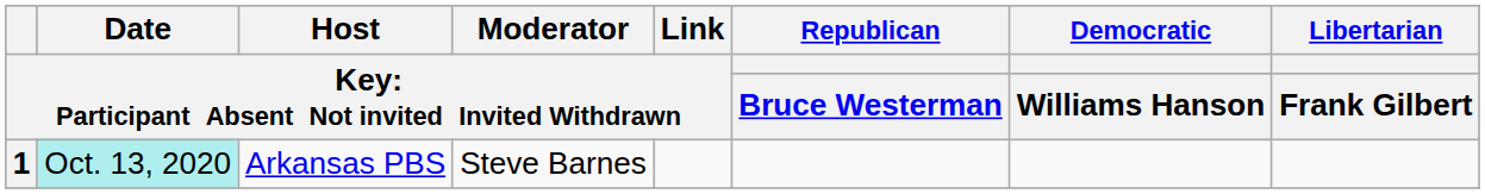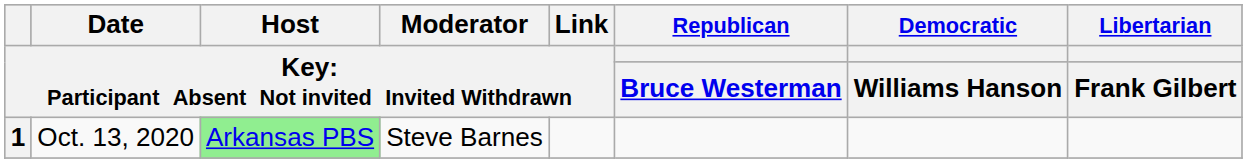 <table class="wikitable" style="text-align:center;">
 <tr>
 <th scope="col"></th>
 <th scope="col">Date</th>
 <th scope="col">Host</th>
 <th scope="col">Moderator</th>
 <th scope="col">Link</th>
 <th scope="col"><small><a href='#'>Republican</a></small></th>
 <th scope="col"><small><a href='#'>Democratic</a></small></th>
 <th scope="col"><small><a href='#'>Libertarian</a></small></th>
 </tr>
 <tr>
 <th colspan="5" rowspan="2">Key:<br> <small>Participant </small>  <small>Absent </small>  <small>Not invited </small>  <small>Invited  Withdrawn</small></th>
 <th scope="col" style="background:"></th>
 <th scope="col" style="background:"></th>
 <th scope="col" style="background:"></th>
 </tr>
 <tr>
 <th scope="col"><a href='#'>Bruce Westerman</a></th>
 <th scope="col">Williams Hanson</th>
 <th scope="col">Frank Gilbert</th>
 </tr>
 <tr>
 <th>1</th>
-<td style="background: paleturquoise; white-space:nowrap;">Oct. 13, 2020</td>
-<td style="white-space:nowrap;"><a href='#'>Arkansas PBS</a></td>
+<td style="white-space:nowrap;">Oct. 13, 2020</td>
+<td style="background: lightgreen; white-space:nowrap;"><a href='#'>Arkansas PBS</a></td>
 <td style="white-space:nowrap;">Steve Barnes</td>
 <td style="white-space:nowrap;"></td>
 <td></td>
 <td></td>
 <td></td>
 </tr>
 </table>
